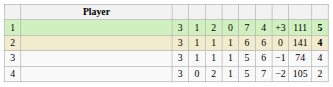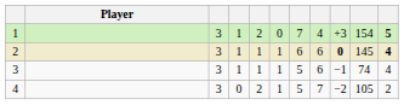 <table class="wikitable" style="text-align:center; margin: 1em auto 1em auto, align:left">
 <tr>
 <th width=20></th>
 <th width=240>Player</th>
 <th width=20></th>
 <th width=20></th>
 <th width=20></th>
 <th width=20></th>
 <th width=20></th>
 <th width=20></th>
 <th width=20></th>
 <th width=30></th>
 <th width=20></th>
 </tr>
 <tr style="background:#D0F0C0;">
 <td>1</td>
 <td align=left></td>
 <td>3</td>
 <td>1</td>
 <td>2</td>
 <td>0</td>
 <td>7</td>
 <td>4</td>
 <td>+3</td>
-<td>111</td>
+<td>154</td>
 <td><strong>5</strong></td>
 </tr>
 <tr style="background:#f2ecce;">
 <td>2</td>
 <td align=left></td>
 <td>3</td>
 <td>1</td>
 <td>1</td>
 <td>1</td>
 <td>6</td>
 <td>6</td>
-<td>0</td>
-<td>141</td>
+<td><strong>0</strong></td>
+<td>145</td>
 <td><strong>4</strong></td>
 </tr>
 <tr style=>
 <td>3</td>
 <td align=left></td>
 <td>3</td>
 <td>1</td>
 <td>1</td>
 <td>1</td>
 <td>5</td>
 <td>6</td>
 <td>−1</td>
 <td>74</td>
 <td>4</td>
 </tr>
 <tr style=>
 <td>4</td>
 <td align=left></td>
 <td>3</td>
 <td>0</td>
 <td>2</td>
 <td>1</td>
 <td>5</td>
 <td>7</td>
 <td>−2</td>
 <td>105</td>
 <td>2</td>
 </tr>
 </table>
